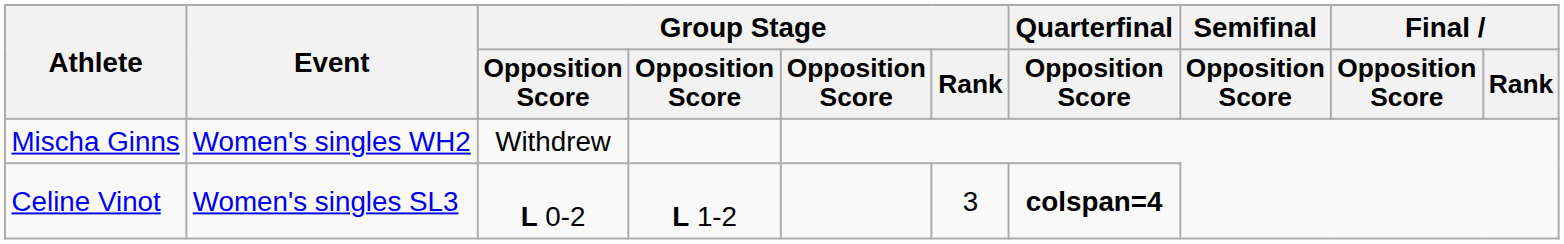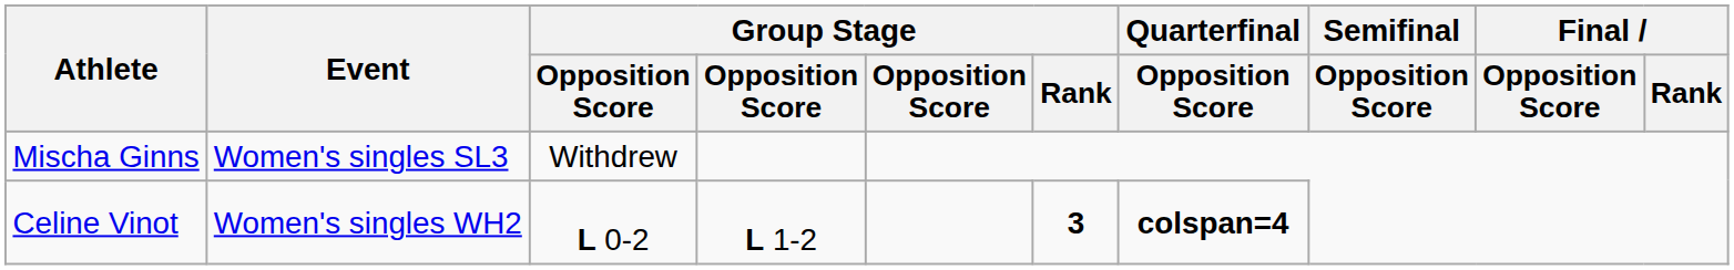 <table class="wikitable" style="font-size:90%; text-align:center">
 <tr>
 <th rowspan="2">Athlete</th>
 <th rowspan="2">Event</th>
 <th colspan="4">Group Stage</th>
 <th>Quarterfinal</th>
 <th>Semifinal</th>
 <th colspan="2">Final / </th>
 </tr>
 <tr style="font-size:95%">
 <th>Opposition<br>Score</th>
 <th>Opposition<br>Score</th>
 <th>Opposition<br>Score</th>
 <th>Rank</th>
 <th>Opposition<br>Score</th>
 <th>Opposition<br>Score</th>
 <th>Opposition<br>Score</th>
 <th>Rank</th>
 </tr>
 <tr>
 <td align="left"><a href='#'>Mischa Ginns</a></td>
-<td align="left"><a href='#'>Women's singles WH2</a></td>
+<td align="left"><a href='#'>Women's singles SL3</a></td>
 <td>Withdrew</td>
 <td></td>
 </tr>
 <tr>
 <td align="left"><a href='#'>Celine Vinot</a></td>
-<td align="left"><a href='#'>Women's singles SL3</a></td>
+<td align="left"><a href='#'>Women's singles WH2</a></td>
 <td><br><strong>L</strong> 0-2</td>
 <td> <br> <strong>L</strong> 1-2</td>
 <td></td>
-<td>3</td>
+<td><strong>3</strong></td>
 <td><strong>colspan=4 </strong></td>
 </tr>
 </table>
